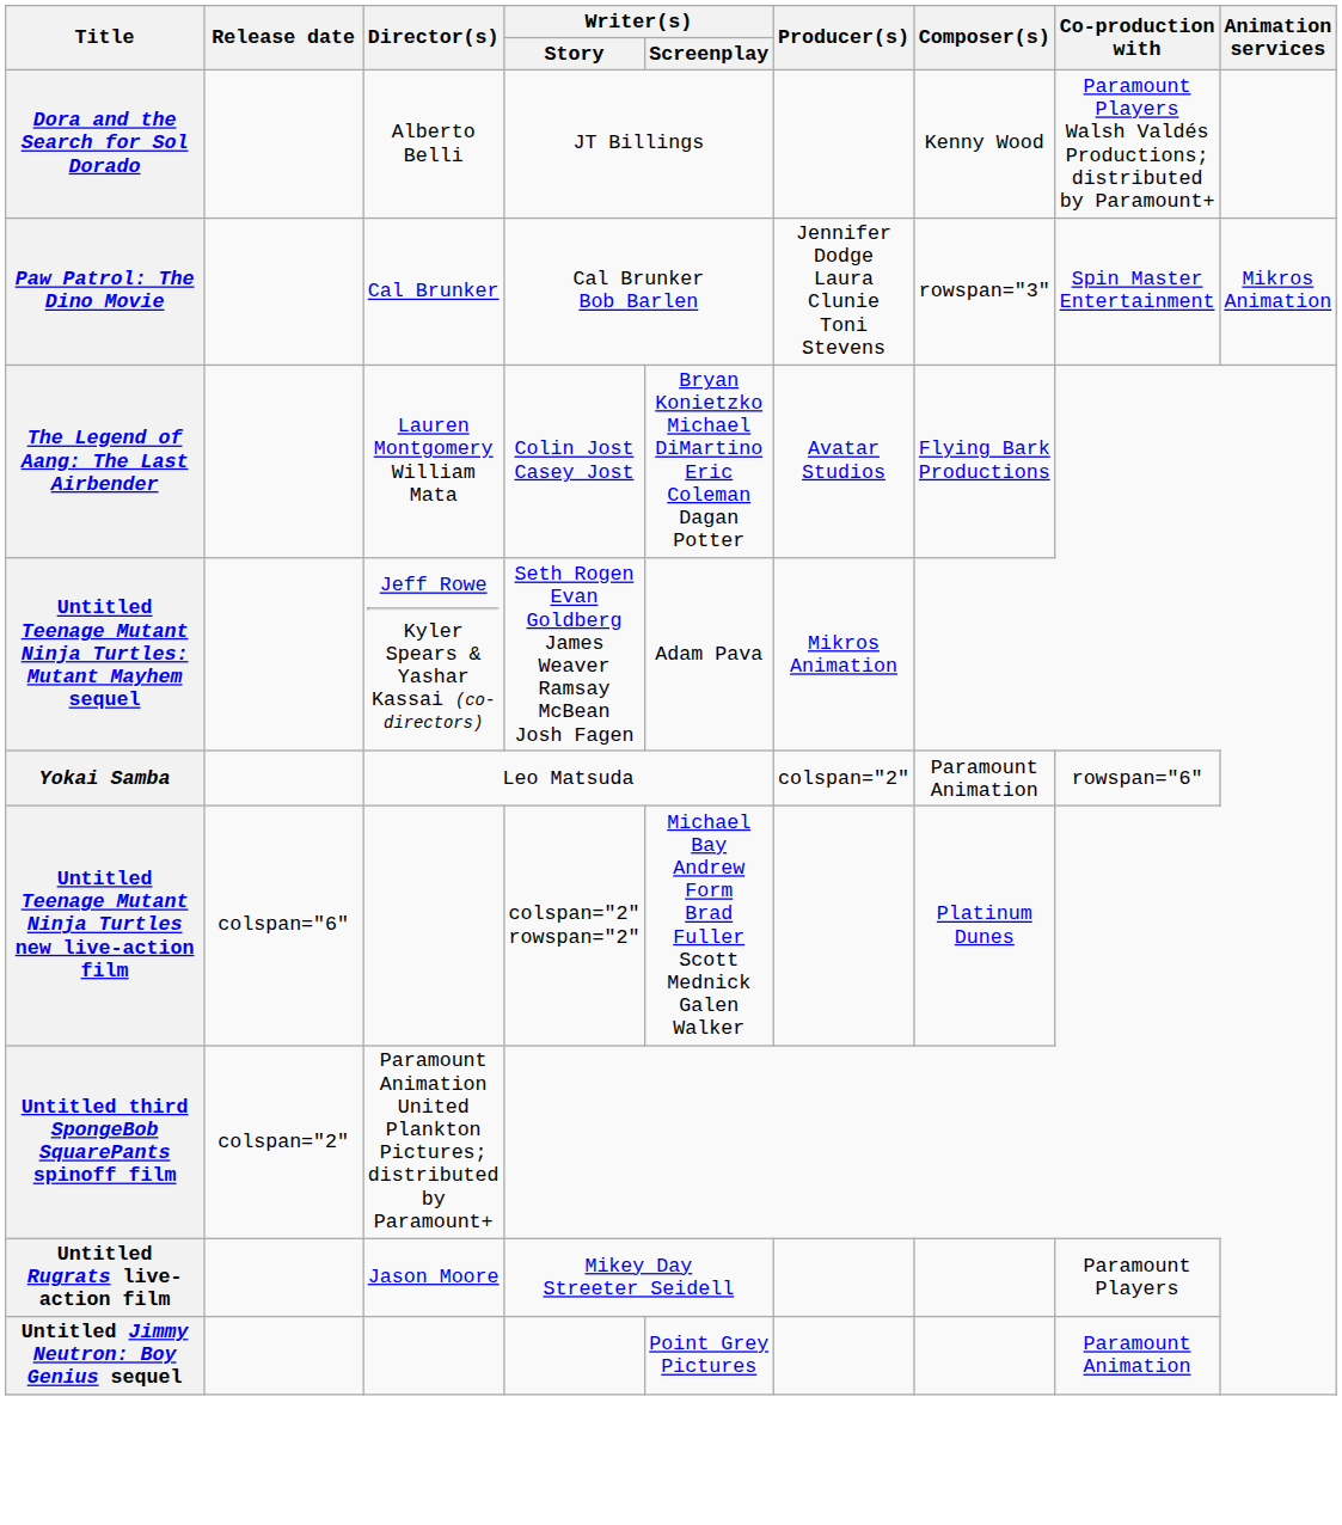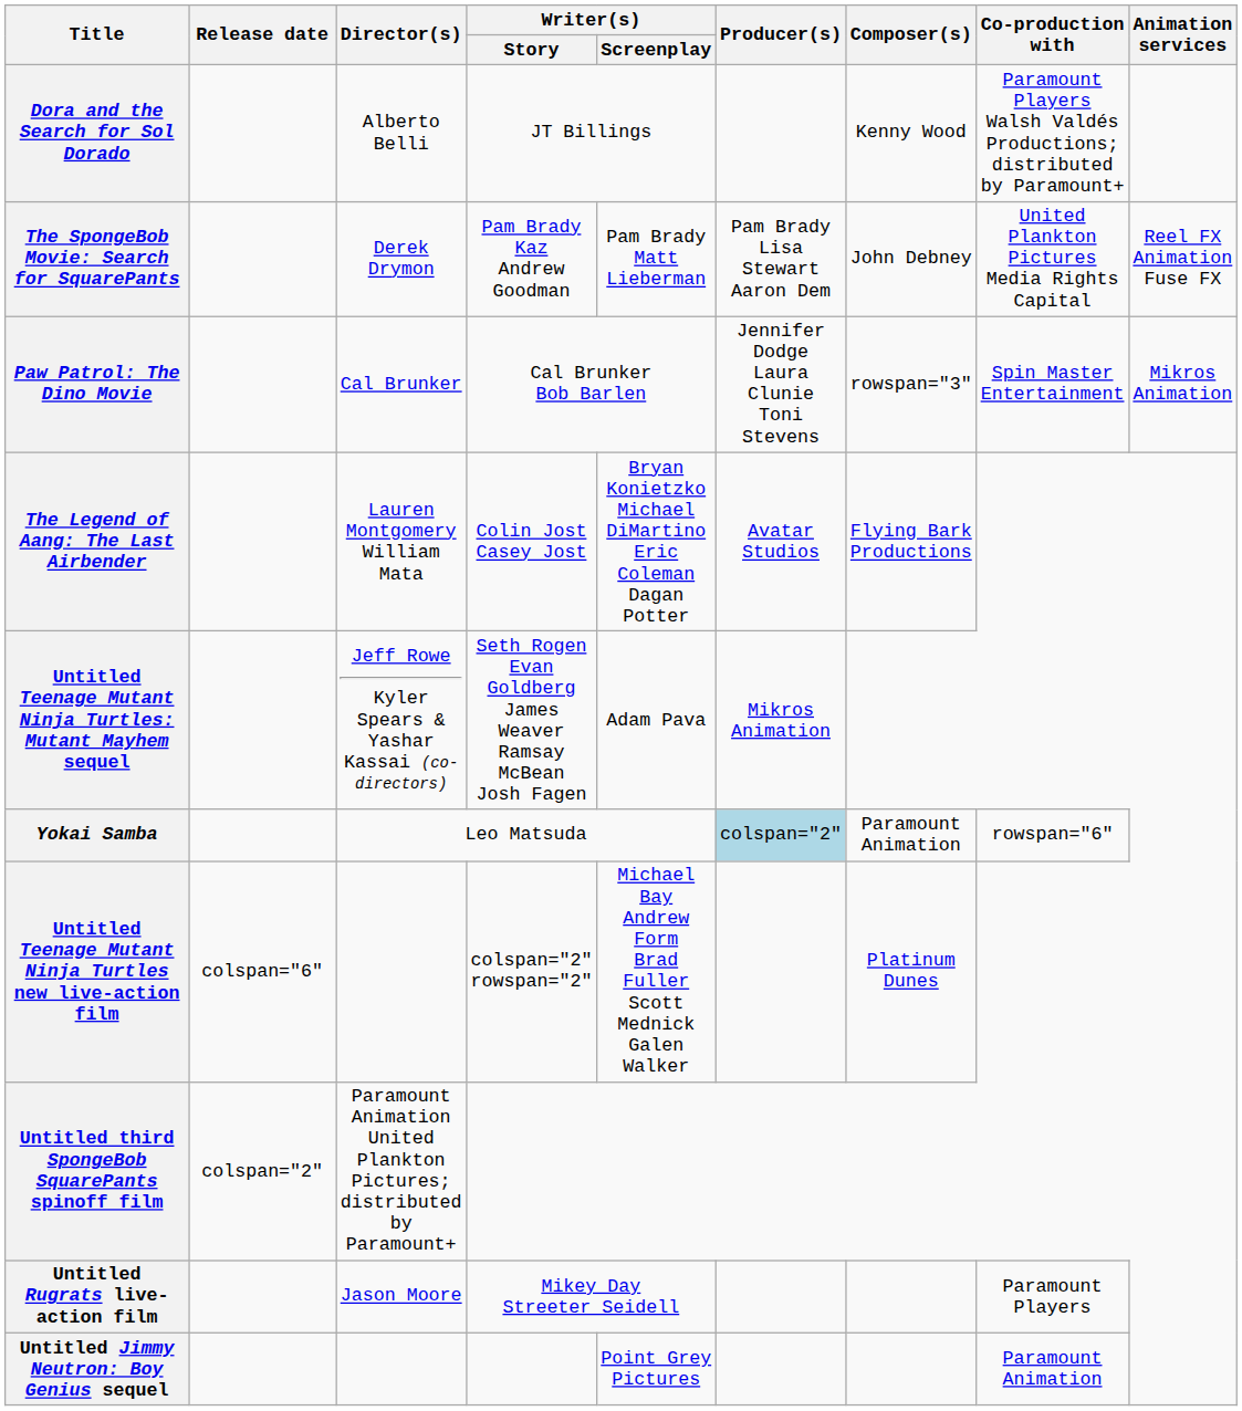 <table class="wikitable plainrowheaders sortable" style="text-align: center;">
 <tr>
 <th rowspan="2" scope="col" width="15%">Title</th>
 <th rowspan="2" scope="col" width="12%">Release date</th>
 <th rowspan="2" scope="col" width="10%">Director(s)</th>
 <th colspan="2" scope="col" width="10%">Writer(s)</th>
 <th rowspan="2" scope="col" width="10%">Producer(s)</th>
 <th rowspan="2" scope="col" width="10%">Composer(s)</th>
 <th rowspan="2" scope="col">Co-production with</th>
 <th rowspan="2" scope="col">Animation services</th>
 </tr>
 <tr>
 <th>Story</th>
 <th>Screenplay</th>
 </tr>
 <tr>
 <th scope="row"><em><a href='#'>Dora and the Search for Sol Dorado</a></em></th>
 <td></td>
 <td colspan="1">Alberto Belli</td>
 <td colspan="2">JT Billings</td>
 <td></td>
 <td>Kenny Wood</td>
 <td><a href='#'>Paramount Players</a> <br> Walsh Valdés Productions; distributed by Paramount+</td>
 <td></td>
+</tr>
+<tr>
+<th scope="row"><em><a href='#'>The SpongeBob Movie: Search for SquarePants</a></em></th>
+<td></td>
+<td colspan="1"><a href='#'>Derek Drymon</a></td>
+<td><a href='#'>Pam Brady</a><br><a href='#'>Kaz</a><br>Andrew Goodman</td>
+<td>Pam Brady<br><a href='#'>Matt Lieberman</a></td>
+<td>Pam Brady<br>Lisa Stewart<br>Aaron Dem</td>
+<td>John Debney</td>
+<td><a href='#'>United Plankton Pictures</a> <br> Media Rights Capital</td>
+<td><a href='#'>Reel FX Animation</a> <br> Fuse FX</td>
 </tr>
 <tr>
 <th scope="row"><em><a href='#'>Paw Patrol: The Dino Movie</a></em></th>
 <td></td>
 <td><a href='#'>Cal Brunker</a></td>
 <td colspan="2">Cal Brunker<br><a href='#'>Bob Barlen</a></td>
 <td>Jennifer Dodge<br>Laura Clunie<br>Toni Stevens</td>
 <td>rowspan="3" </td>
 <td><a href='#'>Spin Master Entertainment</a></td>
 <td><a href='#'>Mikros Animation</a></td>
 </tr>
 <tr>
 <th scope="row"><em><a href='#'>The Legend of Aang: The Last Airbender</a></em></th>
 <td></td>
 <td><a href='#'>Lauren Montgomery</a><br>William Mata</td>
 <td><a href='#'>Colin Jost</a><br><a href='#'>Casey Jost</a></td>
 <td><a href='#'>Bryan Konietzko</a><br><a href='#'>Michael DiMartino</a><br><a href='#'>Eric Coleman</a><br>Dagan Potter</td>
 <td><a href='#'>Avatar Studios</a></td>
 <td><a href='#'>Flying Bark Productions</a></td>
 </tr>
 <tr>
 <th scope="row"><a href='#'>Untitled <em>Teenage Mutant Ninja Turtles: Mutant Mayhem</em> sequel</a></th>
 <td></td>
 <td><a href='#'>Jeff Rowe</a><hr>Kyler Spears & Yashar Kassai <em><small> (co-directors) </small></em></td>
 <td><a href='#'>Seth Rogen</a><br><a href='#'>Evan Goldberg</a><br>James Weaver<br>Ramsay McBean<br>Josh Fagen</td>
 <td>Adam Pava</td>
 <td><a href='#'>Mikros Animation</a></td>
 </tr>
 <tr>
 <th scope="row"><em>Yokai Samba</em></th>
 <td></td>
 <td colspan="3">Leo Matsuda</td>
-<td>colspan="2" </td>
+<td style="background: lightblue;">colspan="2" </td>
 <td>Paramount Animation</td>
 <td>rowspan="6" </td>
 </tr>
 <tr>
 <th scope="row"><a href='#'>Untitled <em>Teenage Mutant Ninja Turtles</em> new live-action film</a></th>
 <td>colspan="6" </td>
 <td></td>
 <td>colspan="2" rowspan="2" </td>
 <td><a href='#'>Michael Bay</a><br><a href='#'>Andrew Form</a><br><a href='#'>Brad Fuller</a><br>Scott Mednick<br>Galen Walker</td>
 <td></td>
 <td><a href='#'>Platinum Dunes</a></td>
 </tr>
 <tr>
 <th scope="row"><a href='#'>Untitled third <em>SpongeBob SquarePants</em> spinoff film</a></th>
 <td>colspan="2" </td>
 <td>Paramount Animation<br>United Plankton Pictures; distributed by Paramount+</td>
 </tr>
 <tr>
 <th scope="row">Untitled <em><a href='#'>Rugrats</a></em> live-action film</th>
 <td></td>
 <td><a href='#'>Jason Moore</a></td>
 <td colspan="2"><a href='#'>Mikey Day</a><br><a href='#'>Streeter Seidell</a></td>
 <td></td>
 <td></td>
 <td>Paramount Players</td>
 </tr>
 <tr>
 <th scope="row">Untitled <em><a href='#'>Jimmy Neutron: Boy Genius</a></em> sequel</th>
 <td></td>
 <td></td>
 <td></td>
 <td><a href='#'>Point Grey Pictures</a></td>
 <td></td>
 <td></td>
 <td><a href='#'>Paramount Animation</a></td>
 </tr>
 </table>
